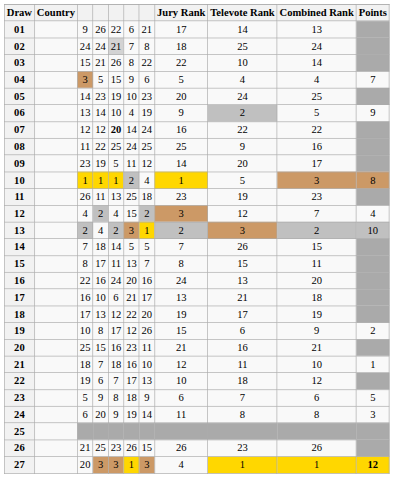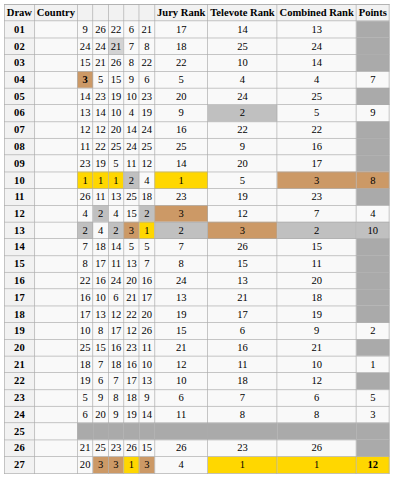 <table class="sortable wikitable collapsible plainrowheaders" style="text-align:center;">
 <tr>
 </tr>
 <tr>
 <th scope="col">Draw</th>
 <th scope="col">Country</th>
 <th scope="col"><small></small></th>
 <th scope="col"><small></small></th>
 <th scope="col"><small></small></th>
 <th scope="col"><small></small></th>
 <th scope="col"><small></small></th>
 <th scope="col">Jury Rank</th>
 <th scope="col">Televote Rank</th>
 <th scope="col">Combined Rank</th>
 <th scope="col">Points</th>
 </tr>
 <tr>
 <th scope="row" style="text-align:center;">01</th>
 <td style="text-align:left;"></td>
 <td>9</td>
 <td>26</td>
 <td>22</td>
 <td>6</td>
 <td>21</td>
 <td>17</td>
 <td>14</td>
 <td>13</td>
 <td style="background:#AAAAAA;"></td>
 </tr>
 <tr>
 <th scope="row" style="text-align:center;">02</th>
 <td style="text-align:left;"></td>
 <td>24</td>
 <td>24</td>
 <td style="background: lightgrey;">21</td>
 <td>7</td>
 <td>8</td>
 <td>18</td>
 <td>25</td>
 <td>24</td>
 <td style="background:#AAAAAA;"></td>
 </tr>
 <tr>
 <th scope="row" style="text-align:center;">03</th>
 <td style="text-align:left;"></td>
 <td>15</td>
 <td>21</td>
 <td>26</td>
 <td>8</td>
 <td>22</td>
 <td>22</td>
 <td>10</td>
 <td>14</td>
 <td style="background:#AAAAAA;"></td>
 </tr>
 <tr>
 <th scope="row" style="text-align:center;">04</th>
 <td style="text-align:left;"></td>
-<td style="background:#CC9966;">3</td>
+<td style="background:#CC9966;"><strong>3</strong></td>
 <td>5</td>
 <td>15</td>
 <td>9</td>
 <td>6</td>
 <td>5</td>
 <td>4</td>
 <td>4</td>
 <td>7</td>
 </tr>
 <tr>
 <th scope="row" style="text-align:center;">05</th>
 <td style="text-align:left;"></td>
 <td>14</td>
 <td>23</td>
 <td>19</td>
 <td>10</td>
 <td>23</td>
 <td>20</td>
 <td>24</td>
 <td>25</td>
 <td style="background:#AAAAAA;"></td>
 </tr>
 <tr>
 <th scope="row" style="text-align:center;">06</th>
 <td style="text-align:left;"></td>
 <td>13</td>
 <td>14</td>
 <td>10</td>
 <td>4</td>
 <td>19</td>
 <td>9</td>
 <td style="background:silver;">2</td>
 <td>5</td>
 <td>9</td>
 </tr>
 <tr>
 <th scope="row" style="text-align:center;">07</th>
 <td style="text-align:left;"></td>
 <td>12</td>
 <td>12</td>
-<td><strong>20</strong></td>
+<td>20</td>
 <td>14</td>
 <td>24</td>
 <td>16</td>
 <td>22</td>
 <td>22</td>
 <td style="background:#AAAAAA;"></td>
 </tr>
 <tr>
 <th scope="row" style="text-align:center;">08</th>
 <td style="text-align:left;"></td>
 <td>11</td>
 <td>22</td>
 <td>25</td>
 <td>24</td>
 <td>25</td>
 <td>25</td>
 <td>9</td>
 <td>16</td>
 <td style="background:#AAAAAA;"></td>
 </tr>
 <tr>
 <th scope="row" style="text-align:center;">09</th>
 <td style="text-align:left;"></td>
 <td>23</td>
 <td>19</td>
 <td>5</td>
 <td>11</td>
 <td>12</td>
 <td>14</td>
 <td>20</td>
 <td>17</td>
 <td style="background:#AAAAAA;"></td>
 </tr>
 <tr>
 <th scope="row" style="text-align:center;">10</th>
 <td style="text-align:left;"></td>
 <td style="background:gold;">1</td>
 <td style="background:gold;">1</td>
 <td style="background:gold;">1</td>
 <td style="background:silver;">2</td>
 <td>4</td>
 <td style="background:gold;">1</td>
 <td>5</td>
 <td style="background:#CC9966;">3</td>
 <td style="background:#CC9966;">8</td>
 </tr>
 <tr>
 <th scope="row" style="text-align:center;">11</th>
 <td style="text-align:left;"></td>
 <td>26</td>
 <td>11</td>
 <td>13</td>
 <td>25</td>
 <td>18</td>
 <td>23</td>
 <td>19</td>
 <td>23</td>
 <td style="background:#AAAAAA;"></td>
 </tr>
 <tr>
 <th scope="row" style="text-align:center;">12</th>
 <td style="text-align:left;"></td>
 <td>4</td>
 <td style="background:silver;">2</td>
 <td>4</td>
 <td>15</td>
 <td style="background:silver;">2</td>
 <td style="background:#CC9966;">3</td>
 <td>12</td>
 <td>7</td>
 <td>4</td>
 </tr>
 <tr>
 <th scope="row" style="text-align:center;">13</th>
 <td style="text-align:left;"></td>
 <td style="background:silver;">2</td>
 <td>4</td>
 <td style="background:silver;">2</td>
 <td style="background:#CC9966;">3</td>
 <td style="background:gold;">1</td>
 <td style="background:silver;">2</td>
 <td style="background:#CC9966;">3</td>
 <td style="background:silver;">2</td>
 <td style="background:silver;">10</td>
 </tr>
 <tr>
 <th scope="row" style="text-align:center;">14</th>
 <td style="text-align:left;"></td>
 <td>7</td>
 <td>18</td>
 <td>14</td>
 <td>5</td>
 <td>5</td>
 <td>7</td>
 <td>26</td>
 <td>15</td>
 <td style="background:#AAAAAA;"></td>
 </tr>
 <tr>
 <th scope="row" style="text-align:center;">15</th>
 <td style="text-align:left;"></td>
 <td>8</td>
 <td>17</td>
 <td>11</td>
 <td>13</td>
 <td>7</td>
 <td>8</td>
 <td>15</td>
 <td>11</td>
 <td style="background:#AAAAAA;"></td>
 </tr>
 <tr>
 <th scope="row" style="text-align:center;">16</th>
 <td style="text-align:left;"></td>
 <td>22</td>
 <td>16</td>
 <td>24</td>
 <td>20</td>
 <td>16</td>
 <td>24</td>
 <td>13</td>
 <td>20</td>
 <td style="background:#AAAAAA;"></td>
 </tr>
 <tr>
 <th scope="row" style="text-align:center;">17</th>
 <td style="text-align:left;"></td>
 <td>16</td>
 <td>10</td>
 <td>6</td>
 <td>21</td>
 <td>17</td>
 <td>13</td>
 <td>21</td>
 <td>18</td>
 <td style="background:#AAAAAA;"></td>
 </tr>
 <tr>
 <th scope="row" style="text-align:center;">18</th>
 <td style="text-align:left;"></td>
 <td>17</td>
 <td>13</td>
 <td>12</td>
 <td>22</td>
 <td>20</td>
 <td>19</td>
 <td>17</td>
 <td>19</td>
 <td style="background:#AAAAAA;"></td>
 </tr>
 <tr>
 <th scope="row" style="text-align:center;">19</th>
 <td style="text-align:left;"></td>
 <td>10</td>
 <td>8</td>
 <td>17</td>
 <td>12</td>
 <td>26</td>
 <td>15</td>
 <td>6</td>
 <td>9</td>
 <td>2</td>
 </tr>
 <tr>
 <th scope="row" style="text-align:center;">20</th>
 <td style="text-align:left;"></td>
 <td>25</td>
 <td>15</td>
 <td>16</td>
 <td>23</td>
 <td>11</td>
 <td>21</td>
 <td>16</td>
 <td>21</td>
 <td style="background:#AAAAAA;"></td>
 </tr>
 <tr>
 <th scope="row" style="text-align:center;">21</th>
 <td style="text-align:left;"></td>
 <td>18</td>
 <td>7</td>
 <td>18</td>
 <td>16</td>
 <td>10</td>
 <td>12</td>
 <td>11</td>
 <td>10</td>
 <td>1</td>
 </tr>
 <tr>
 <th scope="row" style="text-align:center;">22</th>
 <td style="text-align:left;"></td>
 <td>19</td>
 <td>6</td>
 <td>7</td>
 <td>17</td>
 <td>13</td>
 <td>10</td>
 <td>18</td>
 <td>12</td>
 <td style="background:#AAAAAA;"></td>
 </tr>
 <tr>
 <th scope="row" style="text-align:center;">23</th>
 <td style="text-align:left;"></td>
 <td>5</td>
 <td>9</td>
 <td>8</td>
 <td>18</td>
 <td>9</td>
 <td>6</td>
 <td>7</td>
 <td>6</td>
 <td>5</td>
 </tr>
 <tr>
 <th scope="row" style="text-align:center;">24</th>
 <td style="text-align:left;"></td>
 <td>6</td>
 <td>20</td>
 <td>9</td>
 <td>19</td>
 <td>14</td>
 <td>11</td>
 <td>8</td>
 <td>8</td>
 <td>3</td>
 </tr>
 <tr class="sortbottom">
 <th scope="row" style="text-align:center;">25</th>
 <td style="text-align:left;"></td>
 <td style="background:#AAAAAA;"></td>
 <td style="background:#AAAAAA;"></td>
 <td style="background:#AAAAAA;"></td>
 <td style="background:#AAAAAA;"></td>
 <td style="background:#AAAAAA;"></td>
 <td style="background:#AAAAAA;"></td>
 <td style="background:#AAAAAA;"></td>
 <td style="background:#AAAAAA;"></td>
 <td style="background:#AAAAAA;"></td>
 </tr>
 <tr>
 <th scope="row" style="text-align:center;">26</th>
 <td style="text-align:left;"></td>
 <td>21</td>
 <td>25</td>
 <td>23</td>
 <td>26</td>
 <td>15</td>
 <td>26</td>
 <td>23</td>
 <td>26</td>
 <td style="background:#AAAAAA;"></td>
 </tr>
 <tr>
 <th scope="row" style="text-align:center;">27</th>
 <td style="text-align:left;"></td>
 <td>20</td>
 <td style="background:#CC9966;">3</td>
 <td style="background:#CC9966;">3</td>
 <td style="background:gold;">1</td>
 <td style="background:#CC9966;">3</td>
 <td>4</td>
 <td style="background:gold;">1</td>
 <td style="background:gold;">1</td>
 <td style="background:gold;"><strong>12</strong></td>
 </tr>
 </table>
